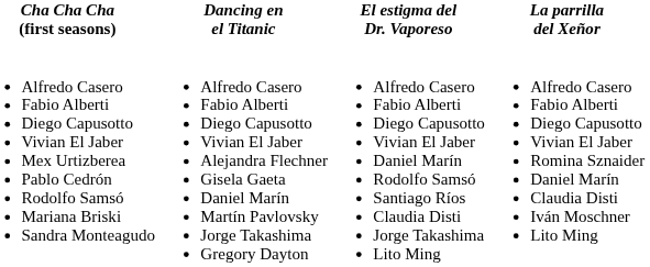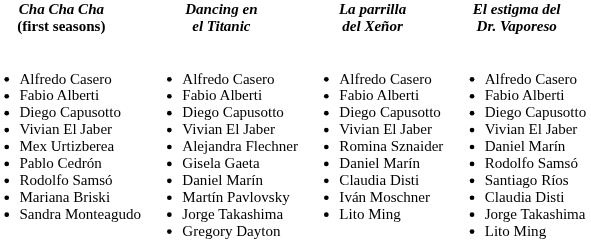 <table>
 <tr>
 <th valign="top"><em>Cha Cha Cha</em><br>(first seasons)</th>
 <th><em>Dancing en<br>el Titanic</em></th>
+<th><em>La parrilla<br>del Xeñor</em></th>
 <th><em>El estigma del<br>Dr. Vaporeso</em></th>
-<th><em>La parrilla<br>del Xeñor</em></th>
 </tr>
 <tr>
 <td valign="top"><br><ul><li>Alfredo Casero</li><li>Fabio Alberti</li><li>Diego Capusotto</li><li>Vivian El Jaber</li><li>Mex Urtizberea</li><li>Pablo Cedrón</li><li>Rodolfo Samsó</li><li>Mariana Briski</li><li>Sandra Monteagudo</li></ul></td>
 <td valign="top"><br><ul><li>Alfredo Casero</li><li>Fabio Alberti</li><li>Diego Capusotto</li><li>Vivian El Jaber</li><li>Alejandra Flechner</li><li>Gisela Gaeta</li><li>Daniel Marín</li><li>Martín Pavlovsky</li><li>Jorge Takashima</li><li>Gregory Dayton</li></ul></td>
+<td valign="top"><br><ul><li>Alfredo Casero</li><li>Fabio Alberti</li><li>Diego Capusotto</li><li>Vivian El Jaber</li><li>Romina Sznaider</li><li>Daniel Marín</li><li>Claudia Disti</li><li>Iván Moschner</li><li>Lito Ming</li></ul></td>
 <td valign="top"><br><ul><li>Alfredo Casero</li><li>Fabio Alberti</li><li>Diego Capusotto</li><li>Vivian El Jaber</li><li>Daniel Marín</li><li>Rodolfo Samsó</li><li>Santiago Ríos</li><li>Claudia Disti</li><li>Jorge Takashima</li><li>Lito Ming</li></ul></td>
-<td valign="top"><br><ul><li>Alfredo Casero</li><li>Fabio Alberti</li><li>Diego Capusotto</li><li>Vivian El Jaber</li><li>Romina Sznaider</li><li>Daniel Marín</li><li>Claudia Disti</li><li>Iván Moschner</li><li>Lito Ming</li></ul></td>
 </tr>
 </table>
